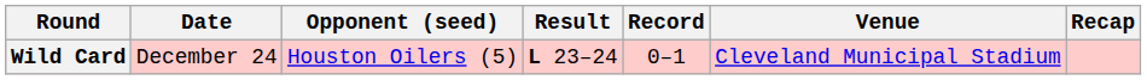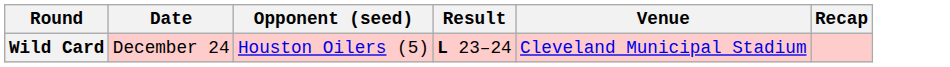 <table class="wikitable" style="text-align:center">
 <tr>
 <th>Round</th>
 <th>Date</th>
 <th>Opponent (seed)</th>
 <th>Result</th>
-<th>Record</th>
 <th>Venue</th>
 <th>Recap</th>
 </tr>
 <tr style="background:#fcc">
 <th>Wild Card</th>
 <td>December 24</td>
 <td><a href='#'>Houston Oilers</a> (5)</td>
 <td><strong>L</strong> 23–24</td>
-<td>0–1</td>
 <td><a href='#'>Cleveland Municipal Stadium</a></td>
 <td></td>
 </tr>
 </table>
